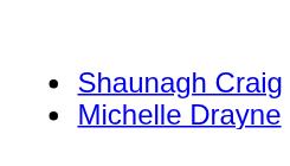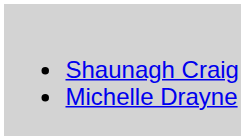 <table>
 <tr>
 <td><strong></strong></td>
 </tr>
 <tr style="vertical-align:top">
-<td><br><ul><li><a href='#'>Shaunagh Craig</a></li><li><a href='#'>Michelle Drayne</a></li></ul></td>
+<td style="background: lightgrey;"><br><ul><li><a href='#'>Shaunagh Craig</a></li><li><a href='#'>Michelle Drayne</a></li></ul></td>
 </tr>
 </table>
